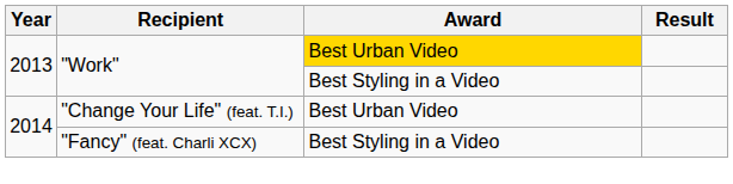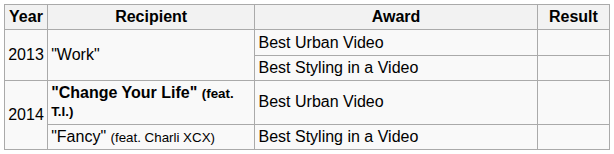 <table class="wikitable">
 <tr>
 <th>Year</th>
 <th width="200">Recipient</th>
 <th width="275">Award</th>
 <th width="65">Result</th>
 </tr>
 <tr>
 <td rowspan=2>2013</td>
 <td rowspan=2>"Work"</td>
-<td style="background: gold;">Best Urban Video</td>
+<td>Best Urban Video</td>
 <td></td>
 </tr>
 <tr>
 <td>Best Styling in a Video</td>
 <td></td>
 </tr>
 <tr>
 <td rowspan=2>2014</td>
-<td>"Change Your Life" <small>(feat. T.I.)</small></td>
+<td><strong>"Change Your Life" <small>(feat. T.I.)</small></strong></td>
 <td>Best Urban Video</td>
 <td></td>
 </tr>
 <tr>
 <td>"Fancy" <small>(feat. Charli XCX)</small></td>
 <td>Best Styling in a Video</td>
 <td></td>
 </tr>
 </table>
